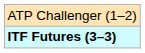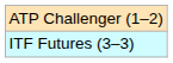 <table class=wikitable style=font-size:97%>
 <tr bgcolor=moccasin>
 <td>ATP Challenger (1–2)</td>
 </tr>
 <tr bgcolor=cffcff>
-<td><strong>ITF Futures (3–3)</strong></td>
+<td>ITF Futures (3–3)</td>
 </tr>
 </table>
